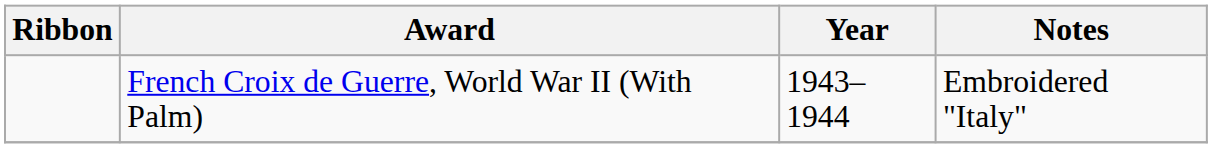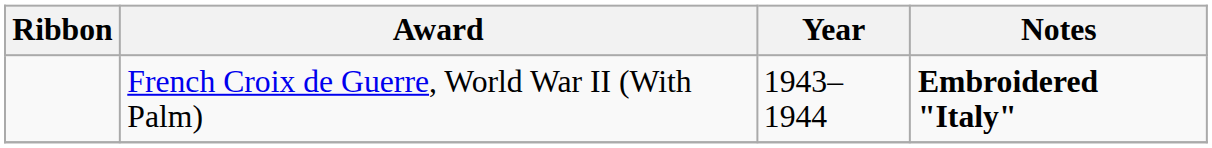 <table class="wikitable" align="left">
 <tr bgcolor="#efefef">
 <th>Ribbon</th>
 <th>Award</th>
 <th>Year</th>
 <th>Notes</th>
 </tr>
 <tr>
 <td></td>
 <td><a href='#'>French Croix de Guerre</a>, World War II (With Palm)</td>
 <td>1943–1944</td>
-<td>Embroidered "Italy"</td>
+<td><strong>Embroidered "Italy"</strong></td>
 </tr>
 <tr>
 </tr>
 </table>
